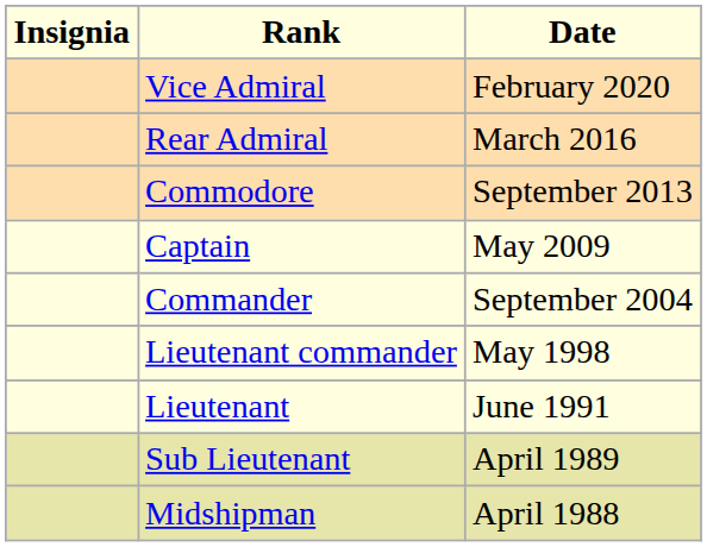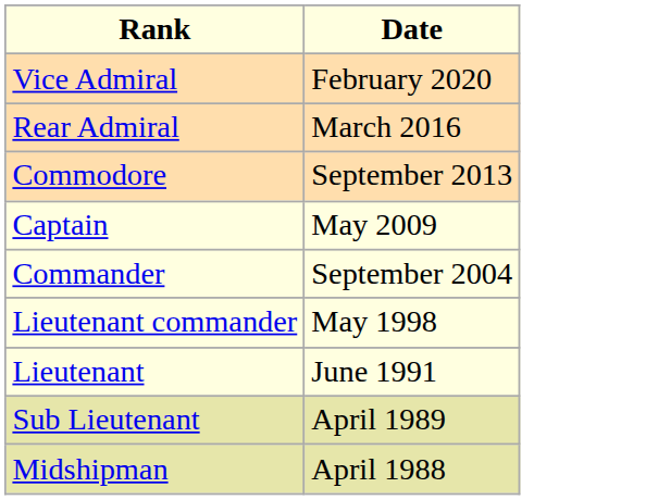 <table class="wikitable">
 <tr>
-<th style="background:#FFFFE0">Insignia</th>
 <th style="background:#FFFFE0">Rank</th>
 <th style="background:#FFFFE0">Date</th>
 </tr>
 <tr>
-<td style="background:#FFDEAD;"></td>
 <td style="background:#FFDEAD;"><a href='#'>Vice Admiral</a></td>
 <td style="background:#FFDEAD;">February 2020</td>
 </tr>
 <tr>
-<td style="background:#FFDEAD;"></td>
 <td style="background:#FFDEAD;"><a href='#'>Rear Admiral</a></td>
 <td style="background:#FFDEAD;">March 2016</td>
 </tr>
 <tr>
-<td style="background:#FFDEAD;"></td>
 <td style="background:#FFDEAD;"><a href='#'>Commodore</a></td>
 <td style="background:#FFDEAD;">September 2013</td>
 </tr>
 <tr>
-<td style="background:#FFFFE0;"></td>
 <td style="background:#FFFFE0;"><a href='#'>Captain</a></td>
 <td style="background:#FFFFE0;">May 2009</td>
 </tr>
 <tr>
-<td style="background:#FFFFE0;"></td>
 <td style="background:#FFFFE0;"><a href='#'>Commander</a></td>
 <td style="background:#FFFFE0;">September 2004</td>
 </tr>
 <tr>
-<td style="background:#FFFFE0;"></td>
 <td style="background:#FFFFE0;"><a href='#'>Lieutenant commander</a></td>
 <td style="background:#FFFFE0;">May 1998</td>
 </tr>
 <tr>
-<td style="background:#FFFFE0;"></td>
 <td style="background:#FFFFE0;"><a href='#'>Lieutenant</a></td>
 <td style="background:#FFFFE0;">June 1991</td>
 </tr>
 <tr>
-<td style="background:#e6e6aa;"></td>
 <td style="background:#e6e6aa;"><a href='#'>Sub Lieutenant</a></td>
 <td style="background:#e6e6aa;">April 1989</td>
 </tr>
 <tr>
-<td style="background:#e6e6aa;"></td>
 <td style="background:#e6e6aa;"><a href='#'>Midshipman</a></td>
 <td style="background:#e6e6aa;">April 1988</td>
 </tr>
 </table>
